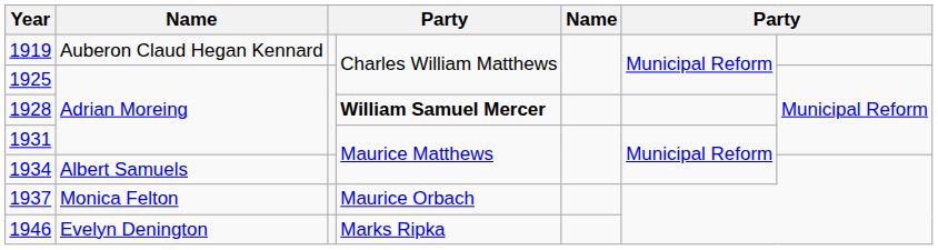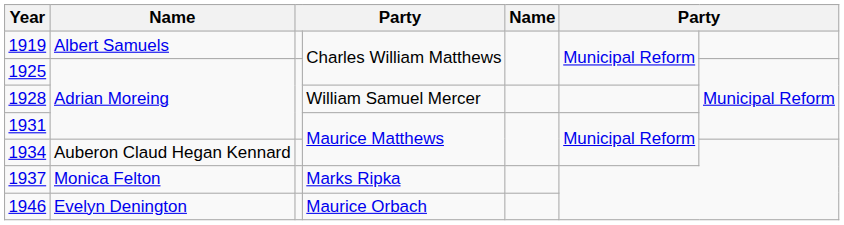 <table class="wikitable">
 <tr>
 <th>Year</th>
 <th>Name</th>
 <th colspan=2>Party</th>
 <th>Name</th>
 <th colspan=2>Party</th>
 </tr>
 <tr>
 <td><a href='#'>1919</a></td>
-<td>Auberon Claud Hegan Kennard</td>
+<td><a href='#'>Albert Samuels</a></td>
 <td></td>
 <td rowspan=2>Charles William Matthews</td>
 <td rowspan=2 style="background-color: "></td>
 <td rowspan=2><a href='#'>Municipal Reform</a></td>
 </tr>
 <tr>
 <td><a href='#'>1925</a></td>
 <td rowspan=3><a href='#'>Adrian Moreing</a></td>
 <td rowspan=3 style="background-color: "></td>
 <td rowspan=3><a href='#'>Municipal Reform</a></td>
 </tr>
 <tr>
 <td><a href='#'>1928</a></td>
-<td><strong>William Samuel Mercer</strong></td>
+<td>William Samuel Mercer</td>
 <td></td>
 </tr>
 <tr>
 <td><a href='#'>1931</a></td>
 <td rowspan=2><a href='#'>Maurice Matthews</a></td>
 <td rowspan=2 style="background-color: "></td>
 <td rowspan=2><a href='#'>Municipal Reform</a></td>
 </tr>
 <tr>
 <td><a href='#'>1934</a></td>
-<td><a href='#'>Albert Samuels</a></td>
+<td>Auberon Claud Hegan Kennard</td>
 <td></td>
 </tr>
 <tr>
 <td><a href='#'>1937</a></td>
 <td><a href='#'>Monica Felton</a></td>
 <td></td>
-<td><a href='#'>Maurice Orbach</a></td>
+<td><a href='#'>Marks Ripka</a></td>
 <td></td>
 </tr>
 <tr>
 <td><a href='#'>1946</a></td>
 <td><a href='#'>Evelyn Denington</a></td>
 <td></td>
-<td><a href='#'>Marks Ripka</a></td>
+<td><a href='#'>Maurice Orbach</a></td>
 <td></td>
 </tr>
 </table>
